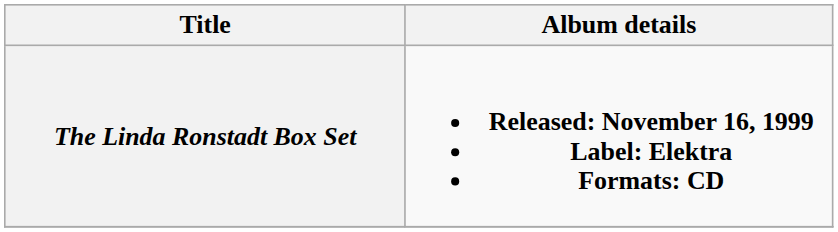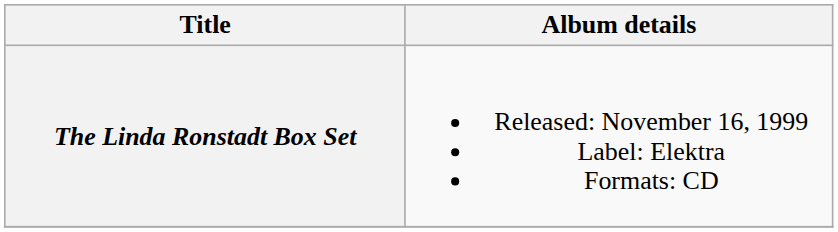 <table class="wikitable plainrowheaders" style="text-align:center;">
 <tr>
 <th scope="col" style="width:15em;">Title</th>
 <th scope="col" style="width:16em;">Album details</th>
 </tr>
 <tr>
 <th scope="row"><em>The Linda Ronstadt Box Set</em></th>
-<td><strong><br><ul><li>Released: November 16, 1999</li><li>Label: Elektra</li><li>Formats: CD</li></ul></strong></td>
+<td><br><ul><li>Released: November 16, 1999</li><li>Label: Elektra</li><li>Formats: CD</li></ul></td>
 </tr>
 <tr>
 </tr>
 </table>
